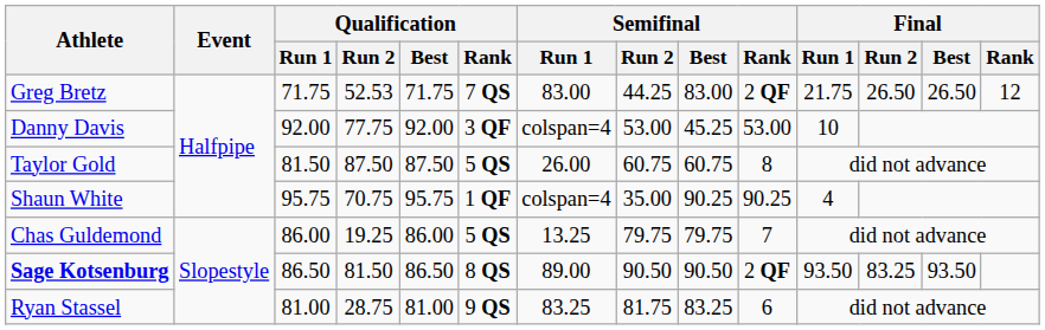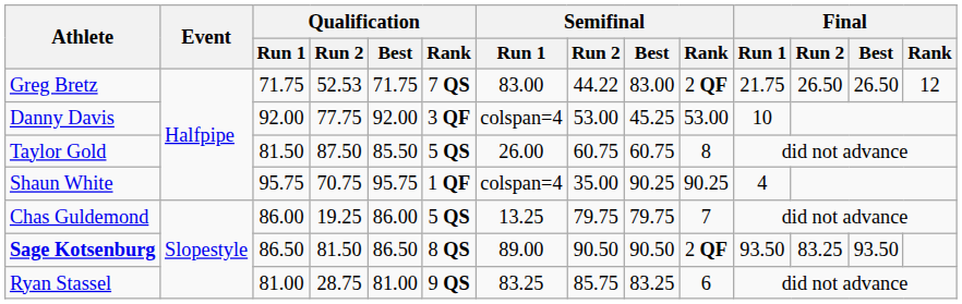 <table class=wikitable style=font-size:90%;text-align:center>
 <tr>
 <th rowspan=2>Athlete</th>
 <th rowspan=2>Event</th>
 <th colspan=4>Qualification</th>
 <th colspan=4>Semifinal</th>
 <th colspan=4>Final</th>
 </tr>
 <tr style=font-size:95%>
 <th>Run 1</th>
 <th>Run 2</th>
 <th>Best</th>
 <th>Rank</th>
 <th>Run 1</th>
 <th>Run 2</th>
 <th>Best</th>
 <th>Rank</th>
 <th>Run 1</th>
 <th>Run 2</th>
 <th>Best</th>
 <th>Rank</th>
 </tr>
 <tr>
 <td align=left><a href='#'>Greg Bretz</a></td>
 <td align=left rowspan=4><a href='#'>Halfpipe</a></td>
 <td>71.75</td>
 <td>52.53</td>
 <td>71.75</td>
 <td>7 <strong>QS</strong></td>
 <td>83.00</td>
-<td>44.25</td>
+<td>44.22</td>
 <td>83.00</td>
 <td>2 <strong>QF</strong></td>
 <td>21.75</td>
 <td>26.50</td>
 <td>26.50</td>
 <td>12</td>
 </tr>
 <tr>
 <td align=left><a href='#'>Danny Davis</a></td>
 <td>92.00</td>
 <td>77.75</td>
 <td>92.00</td>
 <td>3 <strong>QF</strong></td>
 <td>colspan=4 </td>
 <td>53.00</td>
 <td>45.25</td>
 <td>53.00</td>
 <td>10</td>
 </tr>
 <tr>
 <td align=left><a href='#'>Taylor Gold</a></td>
 <td>81.50</td>
 <td>87.50</td>
-<td>87.50</td>
+<td>85.50</td>
 <td>5 <strong>QS</strong></td>
 <td>26.00</td>
 <td>60.75</td>
 <td>60.75</td>
 <td>8</td>
 <td colspan=4>did not advance</td>
 </tr>
 <tr>
 <td align=left><a href='#'>Shaun White</a></td>
 <td>95.75</td>
 <td>70.75</td>
 <td>95.75</td>
 <td>1 <strong>QF</strong></td>
 <td>colspan=4 </td>
 <td>35.00</td>
 <td>90.25</td>
 <td>90.25</td>
 <td>4</td>
 </tr>
 <tr>
 <td align=left><a href='#'>Chas Guldemond</a></td>
 <td align=left rowspan=3><a href='#'>Slopestyle</a></td>
 <td>86.00</td>
 <td>19.25</td>
 <td>86.00</td>
 <td>5 <strong>QS</strong></td>
 <td>13.25</td>
 <td>79.75</td>
 <td>79.75</td>
 <td>7</td>
 <td colspan=4>did not advance</td>
 </tr>
 <tr>
 <td align=left><strong><a href='#'>Sage Kotsenburg</a></strong></td>
 <td>86.50</td>
 <td>81.50</td>
 <td>86.50</td>
 <td>8 <strong>QS</strong></td>
 <td>89.00</td>
 <td>90.50</td>
 <td>90.50</td>
 <td>2 <strong>QF</strong></td>
 <td>93.50</td>
 <td>83.25</td>
 <td>93.50</td>
 <td></td>
 </tr>
 <tr>
 <td align=left><a href='#'>Ryan Stassel</a></td>
 <td>81.00</td>
 <td>28.75</td>
 <td>81.00</td>
 <td>9 <strong>QS</strong></td>
 <td>83.25</td>
-<td>81.75</td>
+<td>85.75</td>
 <td>83.25</td>
 <td>6</td>
 <td colspan=4>did not advance</td>
 </tr>
 </table>
